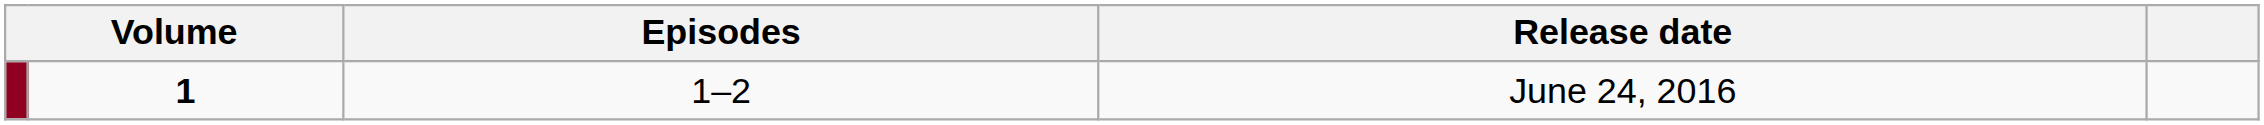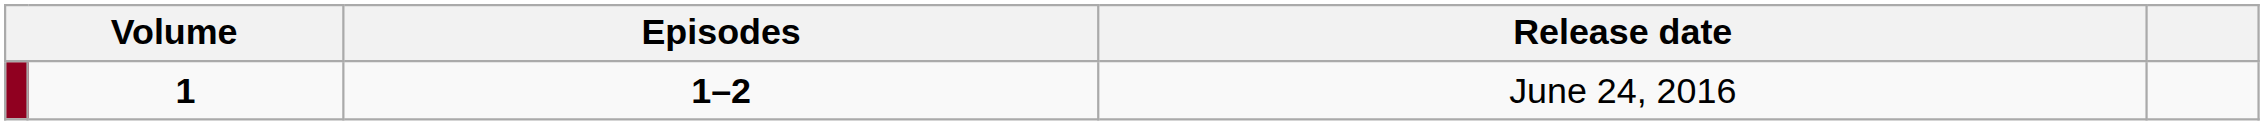 <table class="wikitable" style="text-align:center;">
 <tr>
 <th colspan="2" width="15%">Volume</th>
 <th>Episodes</th>
 <th>Release date</th>
 <th width="5%"></th>
 </tr>
 <tr>
 <td rowspan="1" width="1%" style="background: #900020"></td>
 <td><strong>1</strong></td>
-<td>1–2</td>
+<td><strong>1–2</strong></td>
 <td>June 24, 2016</td>
 <td></td>
 </tr>
 </table>
